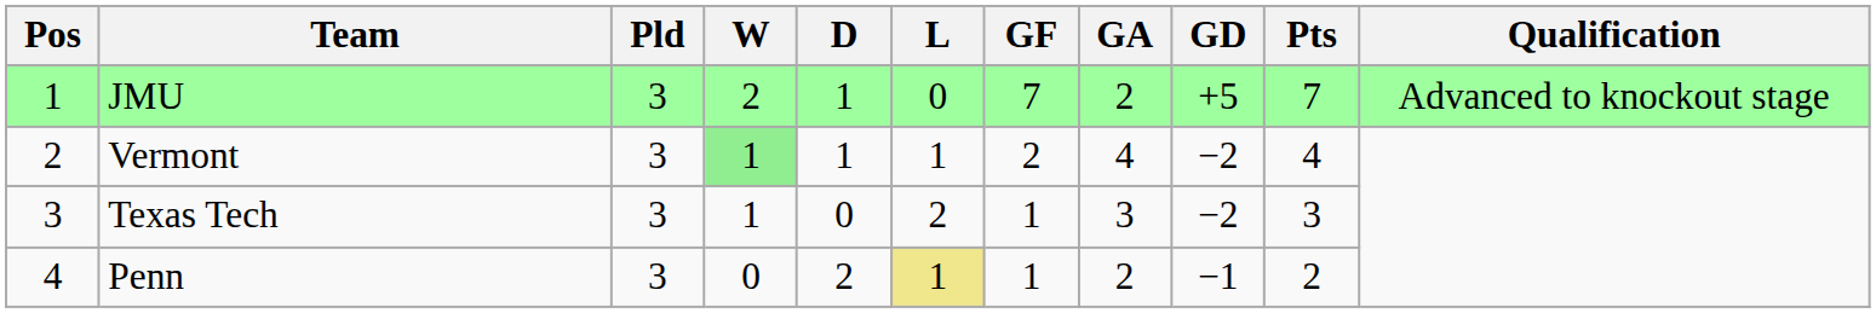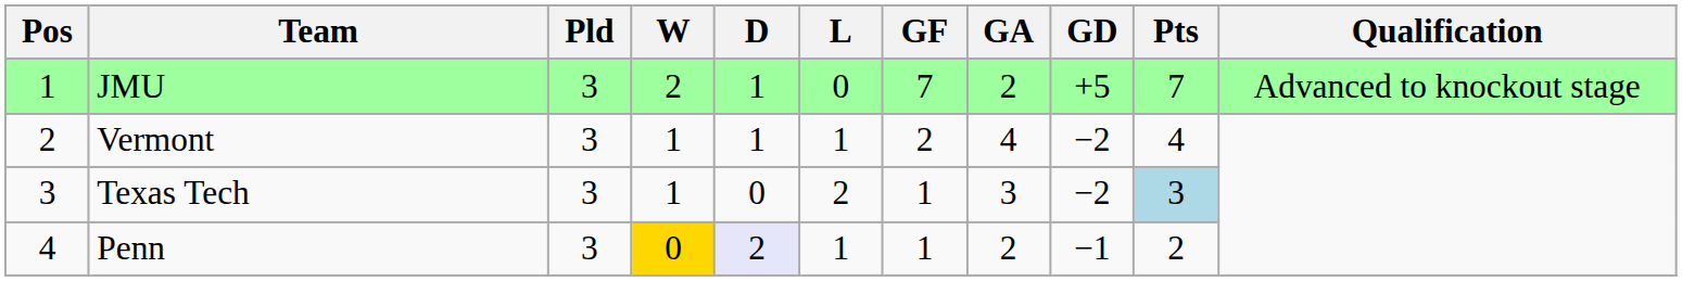 <table class="wikitable" style="text-align:center; margin: 1em auto">
 <tr>
 <th style="width:2em">Pos</th>
 <th style="width:13em">Team</th>
 <th style="width:2em">Pld</th>
 <th style="width:2em">W</th>
 <th style="width:2em">D</th>
 <th style="width:2em">L</th>
 <th style="width:2em">GF</th>
 <th style="width:2em">GA</th>
 <th style="width:2em">GD</th>
 <th style="width:2em">Pts</th>
 <th style="width:13em">Qualification</th>
 </tr>
 <tr bgcolor="#9eff9e">
 <td>1</td>
 <td style="text-align:left">JMU</td>
 <td>3</td>
 <td>2</td>
 <td>1</td>
 <td>0</td>
 <td>7</td>
 <td>2</td>
 <td>+5</td>
 <td>7</td>
 <td>Advanced to knockout stage</td>
 </tr>
 <tr>
 <td>2</td>
 <td style="text-align:left">Vermont</td>
 <td>3</td>
-<td style="background: lightgreen;">1</td>
+<td>1</td>
 <td>1</td>
 <td>1</td>
 <td>2</td>
 <td>4</td>
 <td>−2</td>
 <td>4</td>
 </tr>
 <tr>
 <td>3</td>
 <td style="text-align:left">Texas Tech</td>
 <td>3</td>
 <td>1</td>
 <td>0</td>
 <td>2</td>
 <td>1</td>
 <td>3</td>
 <td>−2</td>
-<td>3</td>
+<td style="background: lightblue;">3</td>
 </tr>
 <tr>
 <td>4</td>
 <td style="text-align:left">Penn</td>
 <td>3</td>
-<td>0</td>
-<td>2</td>
-<td style="background: khaki;">1</td>
+<td style="background: gold;">0</td>
+<td style="background: lavender;">2</td>
+<td>1</td>
 <td>1</td>
 <td>2</td>
 <td>−1</td>
 <td>2</td>
 </tr>
 </table>
